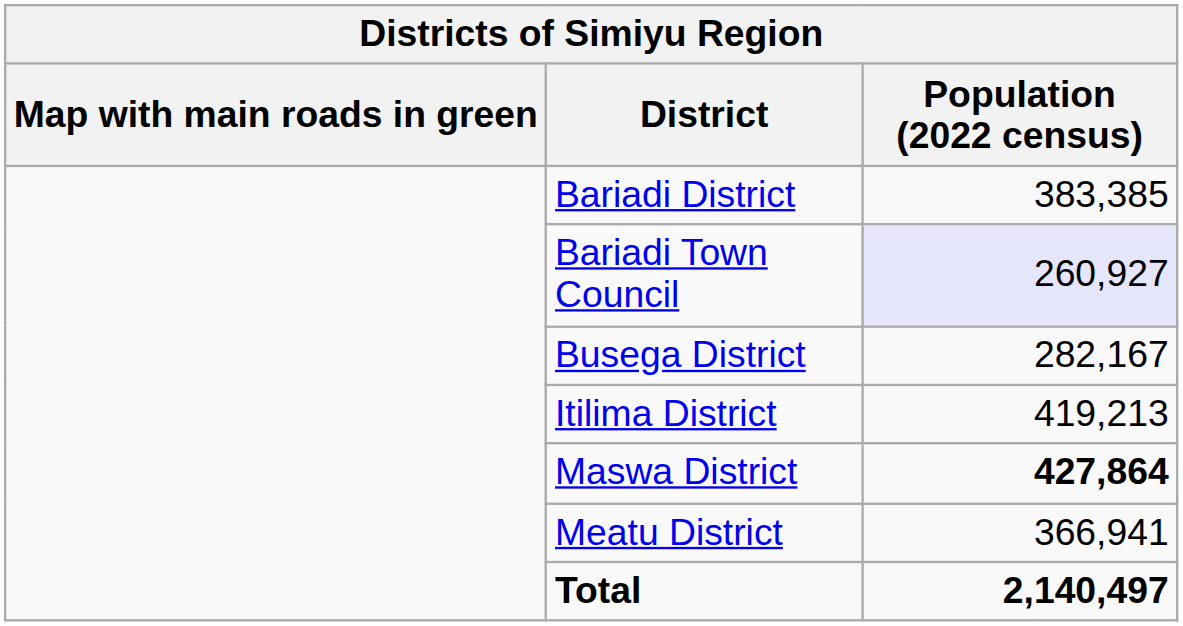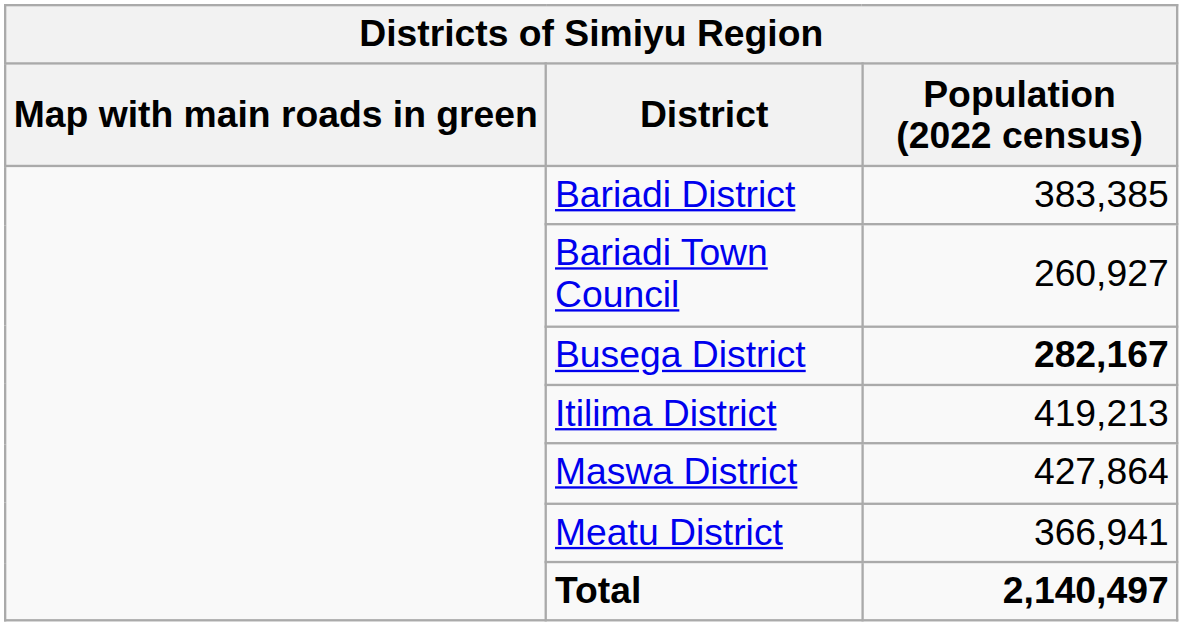 <table class="wikitable">
 <tr>
 <th colspan="7">Districts of Simiyu Region</th>
 </tr>
 <tr style="text-align:center;">
 <th>Map with main roads in green</th>
 <th style="width: 8em">District</th>
 <th style="width: 8em">Population (2022 census)</th>
 </tr>
 <tr>
 <td rowspan="7"></td>
 <td><a href='#'>Bariadi District</a></td>
 <td style="text-align:right;">383,385</td>
 </tr>
 <tr>
 <td><a href='#'>Bariadi Town Council</a></td>
-<td style="background: lavender; text-align:right;">260,927</td>
+<td style="text-align:right;">260,927</td>
 </tr>
 <tr>
 <td><a href='#'>Busega District</a></td>
-<td style="text-align:right;">282,167</td>
+<td style="text-align:right;"><strong>282,167</strong></td>
 </tr>
 <tr>
 <td><a href='#'>Itilima District</a></td>
 <td style="text-align:right;">419,213</td>
 </tr>
 <tr>
 <td><a href='#'>Maswa District</a></td>
-<td style="text-align:right;"><strong>427,864</strong></td>
+<td style="text-align:right;">427,864</td>
 </tr>
 <tr>
 <td><a href='#'>Meatu District</a></td>
 <td style="text-align:right;">366,941</td>
 </tr>
 <tr>
 <td><strong>Total</strong></td>
 <td style="text-align:right;"><strong>2,140,497</strong></td>
 </tr>
 </table>
